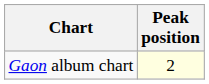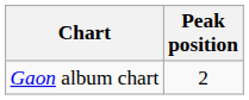 <table class="wikitable sortable">
 <tr>
 <th>Chart</th>
 <th>Peak<br>position</th>
 </tr>
 <tr>
 <td><em><a href='#'>Gaon</a></em> album chart</td>
-<td align="center" style="background: lightyellow;">2</td>
+<td align="center">2</td>
 </tr>
 </table>
